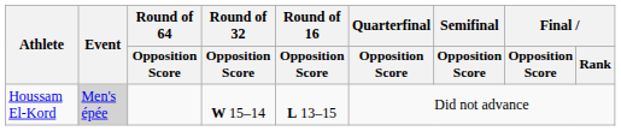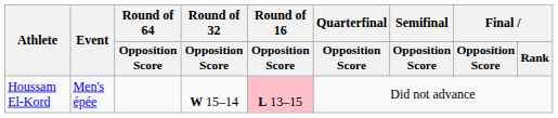 <table class="wikitable" style="font-size:90%">
 <tr>
 <th rowspan="2">Athlete</th>
 <th rowspan="2">Event</th>
 <th>Round of 64</th>
 <th>Round of 32</th>
 <th>Round of 16</th>
 <th>Quarterfinal</th>
 <th>Semifinal</th>
 <th colspan=2>Final / </th>
 </tr>
 <tr style="font-size:95%">
 <th>Opposition <br> Score</th>
 <th>Opposition <br> Score</th>
 <th>Opposition <br> Score</th>
 <th>Opposition <br> Score</th>
 <th>Opposition <br> Score</th>
 <th>Opposition <br> Score</th>
 <th>Rank</th>
 </tr>
 <tr align=center>
 <td align=left><a href='#'>Houssam El-Kord</a></td>
-<td align=left style="background: lightgrey;"><a href='#'>Men's épée</a></td>
+<td align=left><a href='#'>Men's épée</a></td>
 <td></td>
 <td><br><strong>W</strong> 15–14</td>
-<td><br><strong>L</strong> 13–15</td>
+<td style="background: pink;"><br><strong>L</strong> 13–15</td>
 <td colspan=4>Did not advance</td>
 </tr>
 </table>
